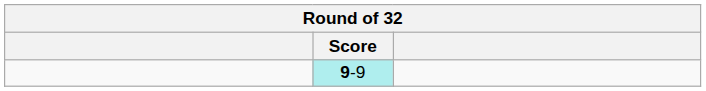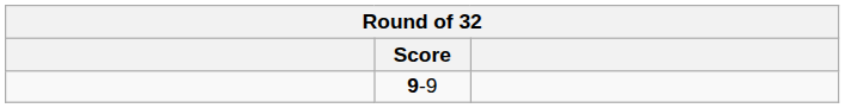 <table class="wikitable" style="text-align: center; font-size:90% ">
 <tr>
 <th colspan=3>Round of 32</th>
 </tr>
 <tr>
 <th align="right" width="250"></th>
 <th width="60">Score</th>
 <th align="left" width="250"></th>
 </tr>
 <tr>
 <td align=left><strong></strong></td>
-<td align=center style="background: paleturquoise;"><strong>9</strong>-9</td>
+<td align=center><strong>9</strong>-9</td>
 <td align=left></td>
 </tr>
 </table>
